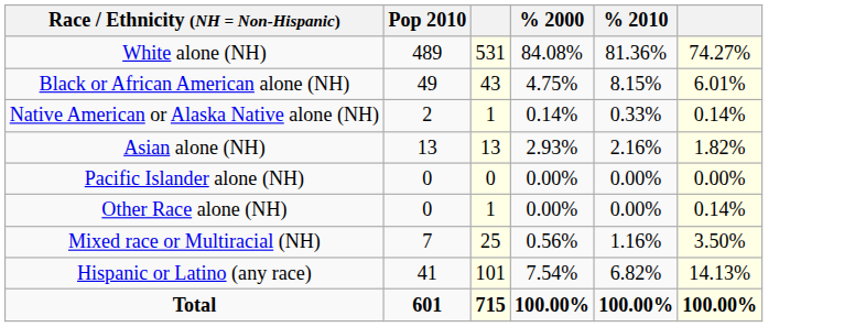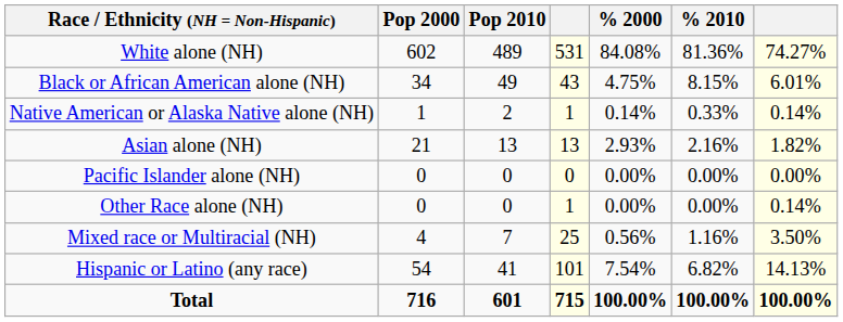 <table class="wikitable" style="text-align:center;">
 <tr>
 <th>Race / Ethnicity <small>(<em>NH = Non-Hispanic</em>)</small></th>
+<th>Pop 2000</th>
 <th>Pop 2010</th>
 <th></th>
 <th>% 2000</th>
 <th>% 2010</th>
 <th></th>
 </tr>
 <tr>
 <td><a href='#'>White</a> alone (NH)</td>
+<td>602</td>
 <td>489</td>
 <td style='background: #ffffe6;'>531</td>
 <td>84.08%</td>
 <td>81.36%</td>
 <td style='background: #ffffe6;'>74.27%</td>
 </tr>
 <tr>
 <td><a href='#'>Black or African American</a> alone (NH)</td>
+<td>34</td>
 <td>49</td>
 <td style='background: #ffffe6;'>43</td>
 <td>4.75%</td>
 <td>8.15%</td>
 <td style='background: #ffffe6;'>6.01%</td>
 </tr>
 <tr>
 <td><a href='#'>Native American</a> or <a href='#'>Alaska Native</a> alone (NH)</td>
+<td>1</td>
 <td>2</td>
 <td style='background: #ffffe6;'>1</td>
 <td>0.14%</td>
 <td>0.33%</td>
 <td style='background: #ffffe6;'>0.14%</td>
 </tr>
 <tr>
 <td><a href='#'>Asian</a> alone (NH)</td>
+<td>21</td>
 <td>13</td>
 <td style='background: #ffffe6;'>13</td>
 <td>2.93%</td>
 <td>2.16%</td>
 <td style='background: #ffffe6;'>1.82%</td>
 </tr>
 <tr>
 <td><a href='#'>Pacific Islander</a> alone (NH)</td>
 <td>0</td>
+<td>0</td>
 <td style='background: #ffffe6;'>0</td>
 <td>0.00%</td>
 <td>0.00%</td>
 <td style='background: #ffffe6;'>0.00%</td>
 </tr>
 <tr>
 <td><a href='#'>Other Race</a> alone (NH)</td>
 <td>0</td>
+<td>0</td>
 <td style='background: #ffffe6;'>1</td>
 <td>0.00%</td>
 <td>0.00%</td>
 <td style='background: #ffffe6;'>0.14%</td>
 </tr>
 <tr>
 <td><a href='#'>Mixed race or Multiracial</a> (NH)</td>
+<td>4</td>
 <td>7</td>
 <td style='background: #ffffe6;'>25</td>
 <td>0.56%</td>
 <td>1.16%</td>
 <td style='background: #ffffe6;'>3.50%</td>
 </tr>
 <tr>
 <td><a href='#'>Hispanic or Latino</a> (any race)</td>
+<td>54</td>
 <td>41</td>
 <td style='background: #ffffe6;'>101</td>
 <td>7.54%</td>
 <td>6.82%</td>
 <td style='background: #ffffe6;'>14.13%</td>
 </tr>
 <tr>
 <td><strong>Total</strong></td>
+<td><strong>716</strong></td>
 <td><strong>601</strong></td>
 <td style='background: #ffffe6;'><strong>715</strong></td>
 <td><strong>100.00%</strong></td>
 <td><strong>100.00%</strong></td>
 <td style='background: #ffffe6;'><strong>100.00%</strong></td>
 </tr>
 </table>
